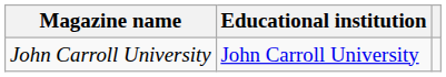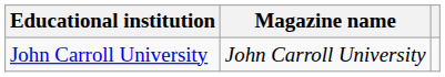 <table class="wikitable">
 <tr>
+<th>Educational institution</th>
 <th>Magazine name</th>
-<th>Educational institution</th>
 <th></th>
 </tr>
 <tr>
+<td><a href='#'>John Carroll University</a></td>
 <td><em>John Carroll University</em></td>
-<td><a href='#'>John Carroll University</a></td>
 <td></td>
 </tr>
 </table>
